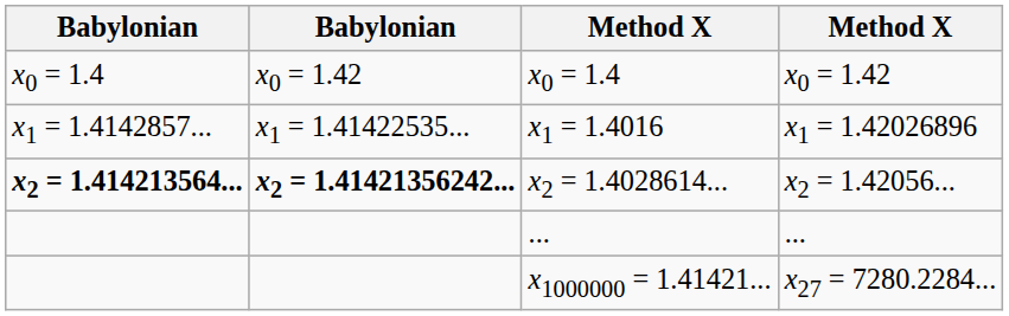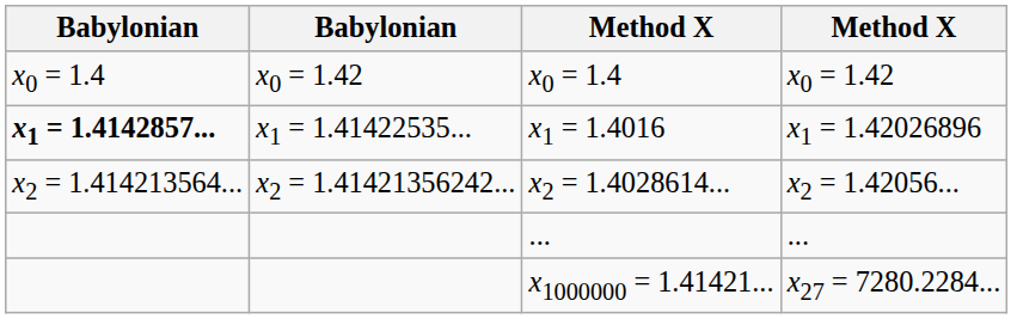 <table class="wikitable">
 <tr>
 <th>Babylonian</th>
 <th>Babylonian</th>
 <th>Method X</th>
 <th>Method X</th>
 </tr>
 <tr>
 <td><em>x</em><sub>0</sub> = 1.4</td>
 <td><em>x</em><sub>0</sub> = 1.42</td>
 <td><em>x</em><sub>0</sub> = 1.4</td>
 <td><em>x</em><sub>0</sub> = 1.42</td>
 </tr>
 <tr>
-<td><em>x</em><sub>1</sub> = 1.4142857...</td>
+<td><strong><em>x</em><sub>1</sub> = 1.4142857...</strong></td>
 <td><em>x</em><sub>1</sub> = 1.41422535...</td>
 <td><em>x</em><sub>1</sub> = 1.4016</td>
 <td><em>x</em><sub>1</sub> = 1.42026896</td>
 </tr>
 <tr>
-<td><strong><em>x</em><sub>2</sub> = 1.414213564...</strong></td>
-<td><strong><em>x</em><sub>2</sub> = 1.41421356242...</strong></td>
+<td><em>x</em><sub>2</sub> = 1.414213564...</td>
+<td><em>x</em><sub>2</sub> = 1.41421356242...</td>
 <td><em>x</em><sub>2</sub> = 1.4028614...</td>
 <td><em>x</em><sub>2</sub> = 1.42056...</td>
 </tr>
 <tr>
 <td></td>
 <td></td>
 <td>...</td>
 <td>...</td>
 </tr>
 <tr>
 <td></td>
 <td></td>
 <td><em>x</em><sub>1000000</sub> = 1.41421...</td>
 <td><em>x</em><sub>27</sub> = 7280.2284...</td>
 </tr>
 </table>
